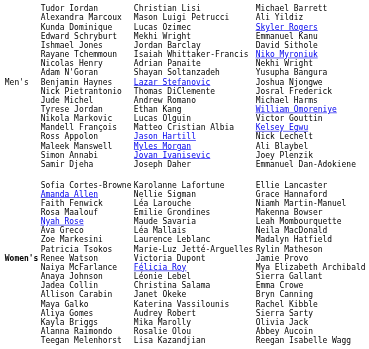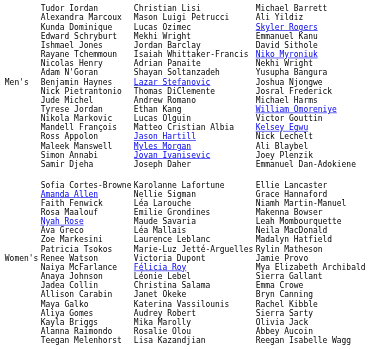 <table>
 <tr>
 <td>Men's</td>
 <td><br>Tudor Iordan<br>Alexandra Marcoux<br>Kunda Dominique<br>Edward Schryburt<br>Ishmael Jones<br>Rayane Tchemmoun<br>Nicolas Henry<br>Adam N'Goran<br>Benjamin Haynes<br>Nick Pietrantonio<br>Jude Michel<br>Tyrese Jordan<br>Nikola Markovic<br>Mandell François<br>Ross Appolon<br>Maleek Manswell<br>Simon Annabi<br>Samir Djeha</td>
 <td><br>Christian Lisi<br>Mason Luigi Petrucci<br>Lucas Ozimec<br>Mekhi Wright<br>Jordan Barclay<br>Isaiah Whittaker-Francis<br>Adrian Panaite<br>Shayan Soltanzadeh<br><a href='#'>Lazar Stefanovic</a><br>Thomas DiClemente<br>Andrew Romano<br>Ethan Kang<br>Lucas Olguin<br>Matteo Cristian Albia<br><a href='#'>Jason Hartill</a><br><a href='#'>Myles Morgan</a><br><a href='#'>Jovan Ivanisevic</a><br>Joseph Daher</td>
 <td><br>Michael Barrett<br>Ali Yildiz<br><a href='#'>Skyler Rogers</a><br>Emmanuel Kanu<br>David Sithole<br><a href='#'>Niko Myroniuk</a><br>Nekhi Wright<br>Yusupha Bangura<br>Joshua Njongwe<br>Josral Frederick<br>Michael Harms<br><a href='#'>William Omoreniye</a><br>Victor Gouttin<br><a href='#'>Kelsey Egwu</a><br>Nick Lechelt<br>Ali Blaybel<br>Joey Plenzik<br>Emmanuel Dan-Adokiene</td>
 </tr>
 <tr>
-<td><strong>Women's</strong></td>
+<td>Women's</td>
 <td><br>Sofia Cortes-Browne<br><a href='#'>Amanda Allen</a><br>Faith Fenwick<br>Rosa Maalouf<br><a href='#'>Nyah Rose</a><br>Ava Greco<br>Zoe Markesini<br>Patricia Tsokos<br>Renee Watson<br>Naiya McFarlance<br>Anaya Johnson<br>Jadea Collin<br>Allison Carabin<br>Maya Galko<br>Aliya Gomes<br>Kayla Briggs<br>Alanna Raimondo<br>Teegan Melenhorst</td>
 <td><br>Karolanne Lafortune<br>Nellie Sigman<br>Léa Larouche<br>Emilie Grondines<br>Maude Savaria<br>Léa Mallais<br>Laurence Leblanc<br>Marie-Luz Jetté-Arguelles<br>Victoria Dupont<br><a href='#'>Félicia Roy</a><br>Léonie Lebel<br>Christina Salama<br>Janet Okeke<br>Katerina Vassilounis<br>Audrey Robert<br>Mika Marolly<br>Rosalie Olou<br>Lisa Kazandjian</td>
 <td><br>Ellie Lancaster<br>Grace Hannaford<br>Niamh Martin-Manuel<br>Makenna Bowser<br>Leah Mombourquette<br>Neila MacDonald<br>Madalyn Hatfield<br>Rylin Matheson<br>Jamie Provo<br>Mya Elizabeth Archibald<br>Sierra Gallant<br>Emma Crowe<br>Bryn Canning<br>Rachel Kibble<br>Sierra Sarty<br>Olivia Jack<br>Abbey Aucoin<br>Reegan Isabelle Wagg</td>
 </tr>
 </table>
